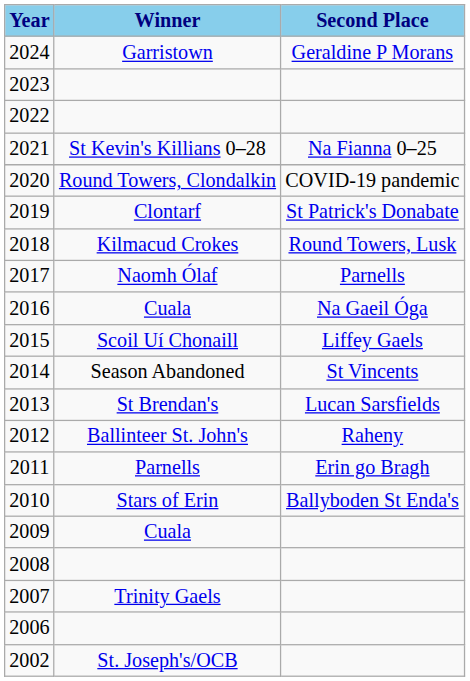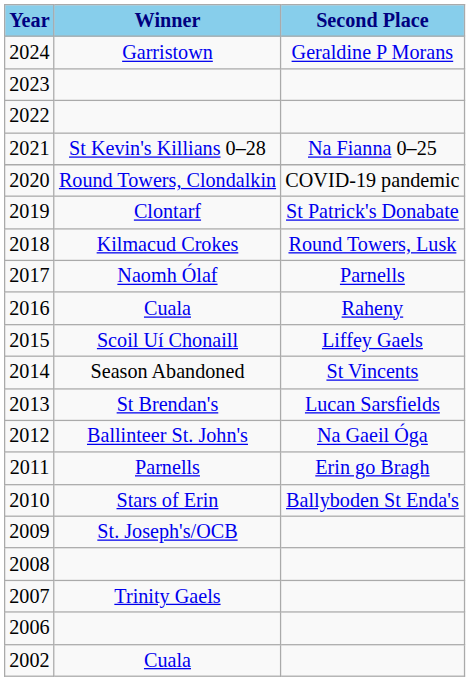 <table class="wikitable" style="text-align:center;">
 <tr>
 <th style="background:skyblue;color:navy;">Year</th>
 <th style="background:skyblue;color:navy;">Winner</th>
 <th style="background:skyblue;color:navy;">Second Place</th>
 </tr>
 <tr>
 <td>2024</td>
 <td><a href='#'>Garristown</a></td>
 <td><a href='#'>Geraldine P Morans</a></td>
 </tr>
 <tr>
 <td>2023</td>
 <td></td>
 <td></td>
 </tr>
 <tr>
 <td>2022</td>
 <td></td>
 <td></td>
 </tr>
 <tr>
 <td>2021</td>
 <td><a href='#'>St Kevin's Killians</a> 0–28</td>
 <td><a href='#'>Na Fianna</a> 0–25</td>
 </tr>
 <tr>
 </tr>
 <tr>
 <td>2020</td>
 <td><a href='#'>Round Towers, Clondalkin</a></td>
 <td>COVID-19 pandemic</td>
 </tr>
 <tr>
 <td>2019</td>
 <td><a href='#'>Clontarf</a></td>
 <td><a href='#'>St Patrick's Donabate</a></td>
 </tr>
 <tr>
 <td>2018</td>
 <td><a href='#'>Kilmacud Crokes</a></td>
 <td><a href='#'>Round Towers, Lusk</a></td>
 </tr>
 <tr>
 <td>2017</td>
 <td><a href='#'>Naomh Ólaf</a></td>
 <td><a href='#'>Parnells</a></td>
 </tr>
 <tr>
 <td>2016</td>
 <td><a href='#'>Cuala</a></td>
-<td><a href='#'>Na Gaeil Óga</a></td>
+<td><a href='#'>Raheny</a></td>
 </tr>
 <tr>
 <td>2015</td>
 <td><a href='#'>Scoil Uí Chonaill</a></td>
 <td><a href='#'>Liffey Gaels</a></td>
 </tr>
 <tr>
 <td>2014</td>
 <td>Season Abandoned</td>
 <td><a href='#'>St Vincents</a></td>
 </tr>
 <tr>
 <td>2013</td>
 <td><a href='#'>St Brendan's</a></td>
 <td><a href='#'>Lucan Sarsfields</a></td>
 </tr>
 <tr>
 <td>2012</td>
 <td><a href='#'>Ballinteer St. John's</a></td>
-<td><a href='#'>Raheny</a></td>
+<td><a href='#'>Na Gaeil Óga</a></td>
 </tr>
 <tr>
 <td>2011</td>
 <td><a href='#'>Parnells</a></td>
 <td><a href='#'>Erin go Bragh</a></td>
 </tr>
 <tr>
 <td>2010</td>
 <td><a href='#'>Stars of Erin</a></td>
 <td><a href='#'>Ballyboden St Enda's</a></td>
 </tr>
 <tr>
 <td>2009</td>
-<td><a href='#'>Cuala</a></td>
+<td><a href='#'>St. Joseph's/OCB</a></td>
 <td></td>
 </tr>
 <tr>
 <td>2008</td>
 <td></td>
 <td></td>
 </tr>
 <tr>
 <td>2007</td>
 <td><a href='#'>Trinity Gaels</a></td>
 <td></td>
 </tr>
 <tr>
 <td>2006</td>
 <td></td>
 <td></td>
 </tr>
 <tr>
 <td>2002</td>
-<td><a href='#'>St. Joseph's/OCB</a></td>
+<td><a href='#'>Cuala</a></td>
 <td></td>
 </tr>
 </table>
